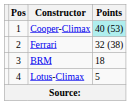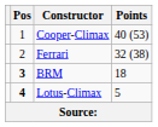 <table class="wikitable" style="font-size: 95%;">
 <tr>
 <th></th>
 <th>Pos</th>
 <th>Constructor</th>
 <th>Points</th>
 </tr>
 <tr>
 <td align="left"></td>
 <td align="center">1</td>
 <td> <a href='#'>Cooper</a>-<a href='#'>Climax</a></td>
-<td align="left" style="background: paleturquoise;">40 (53)</td>
+<td align="left">40 (53)</td>
 </tr>
 <tr>
 <td align="left"></td>
 <td align="center">2</td>
 <td> <a href='#'>Ferrari</a></td>
 <td align="left">32 (38)</td>
 </tr>
 <tr>
 <td align="left"></td>
-<td align="center">3</td>
+<td align="center"><strong>3</strong></td>
 <td> <a href='#'>BRM</a></td>
 <td align="left">18</td>
 </tr>
 <tr>
 <td align="left"></td>
-<td align="center">4</td>
+<td align="center"><strong>4</strong></td>
 <td> <a href='#'>Lotus</a>-<a href='#'>Climax</a></td>
 <td align="left">5</td>
 </tr>
 <tr>
 <th colspan=4>Source:</th>
 </tr>
 </table>
